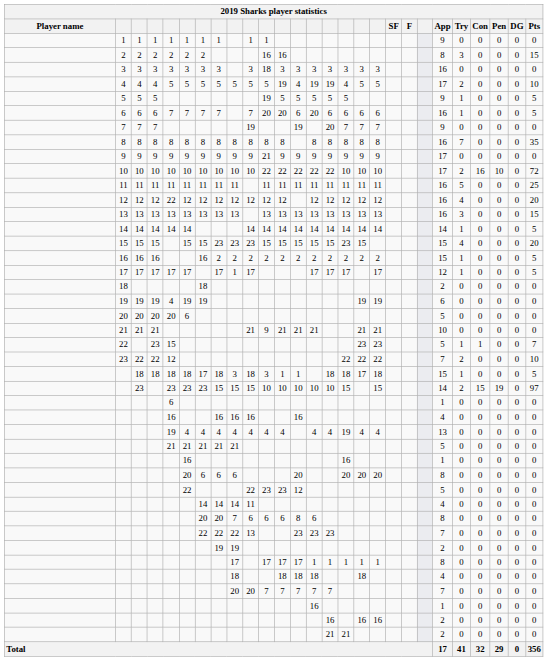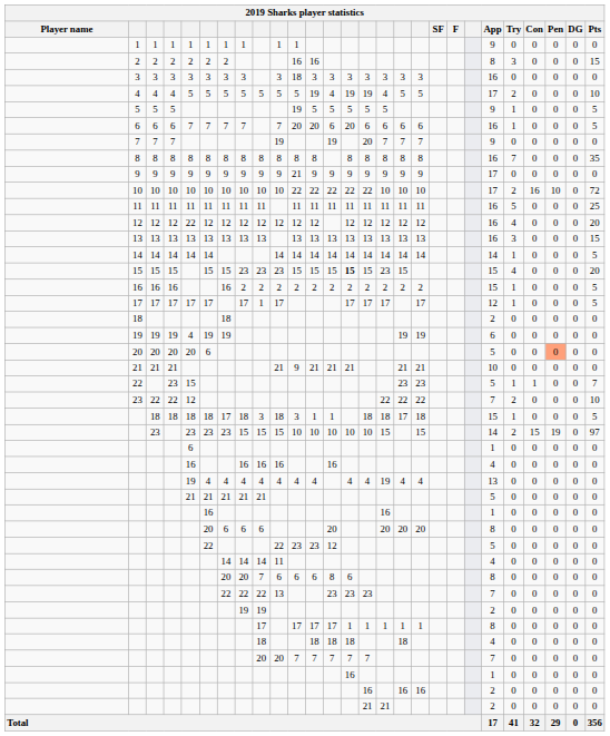 <table class="wikitable sortable" style="text-align:center; font-size:90%; width:100%">
 <tr>
 <th colspan="100%">2019 Sharks player statistics</th>
 </tr>
 <tr>
 <th style="width:22%;">Player name</th>
 <th style="width:3%;"></th>
 <th style="width:3%;"></th>
 <th style="width:3%;"></th>
 <th style="width:3%;"></th>
 <th style="width:3%;"></th>
 <th style="width:3%;"></th>
 <th style="width:3%;"></th>
 <th style="width:3%;"></th>
 <th style="width:3%;"></th>
 <th style="width:3%;"></th>
 <th style="width:3%;"></th>
 <th style="width:3%;"></th>
 <th style="width:3%;"></th>
 <th style="width:3%;"></th>
 <th style="width:3%;"></th>
 <th style="width:3%;"></th>
 <th style="width:3%;"></th>
 <th style="width:3%;">SF</th>
 <th style="width:3%;">F</th>
 <th style="width:3%;"></th>
 <th style="width:3%;">App</th>
 <th style="width:3%;">Try</th>
 <th style="width:3%;">Con</th>
 <th style="width:3%;">Pen</th>
 <th style="width:3%;">DG</th>
 <th style="width:3%;">Pts</th>
 </tr>
 <tr>
 <td style="text-align:left;"></td>
 <td>1</td>
 <td>1</td>
 <td>1</td>
 <td>1</td>
 <td>1</td>
 <td>1</td>
 <td>1</td>
 <td></td>
 <td>1</td>
 <td>1</td>
 <td></td>
 <td></td>
 <td></td>
 <td></td>
 <td></td>
 <td></td>
 <td></td>
 <td></td>
 <td></td>
 <td style="background:#EBECF0;"></td>
 <td>9</td>
 <td>0</td>
 <td>0</td>
 <td>0</td>
 <td>0</td>
 <td>0</td>
 </tr>
 <tr>
 <td style="text-align:left;"></td>
 <td>2</td>
 <td>2</td>
 <td>2</td>
 <td>2</td>
 <td>2</td>
 <td>2</td>
 <td></td>
 <td></td>
 <td></td>
 <td>16 </td>
 <td>16 </td>
 <td></td>
 <td></td>
 <td></td>
 <td></td>
 <td></td>
 <td></td>
 <td></td>
 <td></td>
 <td style="background:#EBECF0;"></td>
 <td>8</td>
 <td>3</td>
 <td>0</td>
 <td>0</td>
 <td>0</td>
 <td>15</td>
 </tr>
 <tr>
 <td style="text-align:left;"></td>
 <td>3</td>
 <td>3</td>
 <td>3</td>
 <td>3</td>
 <td>3</td>
 <td>3</td>
 <td>3</td>
 <td></td>
 <td>3</td>
 <td>18 </td>
 <td>3</td>
 <td>3</td>
 <td>3</td>
 <td>3</td>
 <td>3</td>
 <td>3</td>
 <td>3</td>
 <td></td>
 <td></td>
 <td style="background:#EBECF0;"></td>
 <td>16</td>
 <td>0</td>
 <td>0</td>
 <td>0</td>
 <td>0</td>
 <td>0</td>
 </tr>
 <tr>
 <td style="text-align:left;"></td>
 <td>4</td>
 <td>4</td>
 <td>4</td>
 <td>5</td>
 <td>5</td>
 <td>5</td>
 <td>5</td>
 <td>5</td>
 <td>5</td>
 <td>5</td>
 <td>19 </td>
 <td>4</td>
 <td>19 </td>
 <td>19 </td>
 <td>4</td>
 <td>5</td>
 <td>5</td>
 <td></td>
 <td></td>
 <td style="background:#EBECF0;"></td>
 <td>17</td>
 <td>2</td>
 <td>0</td>
 <td>0</td>
 <td>0</td>
 <td>10</td>
 </tr>
 <tr>
 <td style="text-align:left;"></td>
 <td>5</td>
 <td>5</td>
 <td>5</td>
 <td></td>
 <td></td>
 <td></td>
 <td></td>
 <td></td>
 <td></td>
 <td>19 </td>
 <td>5</td>
 <td>5</td>
 <td>5</td>
 <td>5</td>
 <td>5</td>
 <td></td>
 <td></td>
 <td></td>
 <td></td>
 <td style="background:#EBECF0;"></td>
 <td>9</td>
 <td>1</td>
 <td>0</td>
 <td>0</td>
 <td>0</td>
 <td>5</td>
 </tr>
 <tr>
 <td style="text-align:left;"></td>
 <td>6</td>
 <td>6</td>
 <td>6</td>
 <td>7</td>
 <td>7</td>
 <td>7</td>
 <td>7</td>
 <td></td>
 <td>7</td>
 <td>20 </td>
 <td>20 </td>
 <td>6</td>
 <td>20 </td>
 <td>6</td>
 <td>6</td>
 <td>6</td>
 <td>6</td>
 <td></td>
 <td></td>
 <td style="background:#EBECF0;"></td>
 <td>16</td>
 <td>1</td>
 <td>0</td>
 <td>0</td>
 <td>0</td>
 <td>5</td>
 </tr>
 <tr>
 <td style="text-align:left;"></td>
 <td>7</td>
 <td>7</td>
 <td>7</td>
 <td></td>
 <td></td>
 <td></td>
 <td></td>
 <td></td>
 <td>19 </td>
 <td></td>
 <td></td>
 <td>19 </td>
 <td></td>
 <td>20 </td>
 <td>7</td>
 <td>7</td>
 <td>7</td>
 <td></td>
 <td></td>
 <td style="background:#EBECF0;"></td>
 <td>9</td>
 <td>0</td>
 <td>0</td>
 <td>0</td>
 <td>0</td>
 <td>0</td>
 </tr>
 <tr>
 <td style="text-align:left;"></td>
 <td>8</td>
 <td>8</td>
 <td>8</td>
 <td>8</td>
 <td>8</td>
 <td>8</td>
 <td>8</td>
 <td>8</td>
 <td>8</td>
 <td>8</td>
 <td>8</td>
 <td></td>
 <td>8</td>
 <td>8</td>
 <td>8</td>
 <td>8</td>
 <td>8</td>
 <td></td>
 <td></td>
 <td style="background:#EBECF0;"></td>
 <td>16</td>
 <td>7</td>
 <td>0</td>
 <td>0</td>
 <td>0</td>
 <td>35</td>
 </tr>
 <tr>
 <td style="text-align:left;"></td>
 <td>9</td>
 <td>9</td>
 <td>9</td>
 <td>9</td>
 <td>9</td>
 <td>9</td>
 <td>9</td>
 <td>9</td>
 <td>9</td>
 <td>21 </td>
 <td>9</td>
 <td>9</td>
 <td>9</td>
 <td>9</td>
 <td>9</td>
 <td>9</td>
 <td>9</td>
 <td></td>
 <td></td>
 <td style="background:#EBECF0;"></td>
 <td>17</td>
 <td>0</td>
 <td>0</td>
 <td>0</td>
 <td>0</td>
 <td>0</td>
 </tr>
 <tr>
 <td style="text-align:left;"></td>
 <td>10</td>
 <td>10</td>
 <td>10</td>
 <td>10</td>
 <td>10</td>
 <td>10</td>
 <td>10</td>
 <td>10</td>
 <td>10</td>
 <td>22 </td>
 <td>22 </td>
 <td>22 </td>
 <td>22 </td>
 <td>22 </td>
 <td>10</td>
 <td>10</td>
 <td>10</td>
 <td></td>
 <td></td>
 <td style="background:#EBECF0;"></td>
 <td>17</td>
 <td>2</td>
 <td>16</td>
 <td>10</td>
 <td>0</td>
 <td>72</td>
 </tr>
 <tr>
 <td style="text-align:left;"></td>
 <td>11</td>
 <td>11</td>
 <td>11</td>
 <td>11</td>
 <td>11</td>
 <td>11</td>
 <td>11</td>
 <td>11</td>
 <td></td>
 <td>11</td>
 <td>11</td>
 <td>11</td>
 <td>11</td>
 <td>11</td>
 <td>11</td>
 <td>11</td>
 <td>11</td>
 <td></td>
 <td></td>
 <td style="background:#EBECF0;"></td>
 <td>16</td>
 <td>5</td>
 <td>0</td>
 <td>0</td>
 <td>0</td>
 <td>25</td>
 </tr>
 <tr>
 <td style="text-align:left;"></td>
 <td>12</td>
 <td>12</td>
 <td>12</td>
 <td>22 </td>
 <td>12</td>
 <td>12</td>
 <td>12</td>
 <td>12</td>
 <td>12</td>
 <td>12</td>
 <td>12</td>
 <td></td>
 <td>12</td>
 <td>12</td>
 <td>12</td>
 <td>12</td>
 <td>12</td>
 <td></td>
 <td></td>
 <td style="background:#EBECF0;"></td>
 <td>16</td>
 <td>4</td>
 <td>0</td>
 <td>0</td>
 <td>0</td>
 <td>20</td>
 </tr>
 <tr>
 <td style="text-align:left;"></td>
 <td>13</td>
 <td>13</td>
 <td>13</td>
 <td>13</td>
 <td>13</td>
 <td>13</td>
 <td>13</td>
 <td>13</td>
 <td></td>
 <td>13</td>
 <td>13</td>
 <td>13</td>
 <td>13</td>
 <td>13</td>
 <td>13</td>
 <td>13</td>
 <td>13</td>
 <td></td>
 <td></td>
 <td style="background:#EBECF0;"></td>
 <td>16</td>
 <td>3</td>
 <td>0</td>
 <td>0</td>
 <td>0</td>
 <td>15</td>
 </tr>
 <tr>
 <td style="text-align:left;"></td>
 <td>14</td>
 <td>14</td>
 <td>14</td>
 <td>14</td>
 <td>14</td>
 <td></td>
 <td></td>
 <td></td>
 <td>14</td>
 <td>14</td>
 <td>14</td>
 <td>14</td>
 <td>14</td>
 <td>14</td>
 <td>14</td>
 <td>14</td>
 <td>14</td>
 <td></td>
 <td></td>
 <td style="background:#EBECF0;"></td>
 <td>14</td>
 <td>1</td>
 <td>0</td>
 <td>0</td>
 <td>0</td>
 <td>5</td>
 </tr>
 <tr>
 <td style="text-align:left;"></td>
 <td>15</td>
 <td>15</td>
 <td>15</td>
 <td></td>
 <td>15</td>
 <td>15</td>
 <td>23 </td>
 <td>23 </td>
 <td>23 </td>
 <td>15</td>
 <td>15</td>
 <td>15</td>
-<td>15</td>
+<td><strong>15</strong></td>
 <td>15</td>
 <td>23 </td>
 <td>15</td>
 <td></td>
 <td></td>
 <td></td>
 <td style="background:#EBECF0;"></td>
 <td>15</td>
 <td>4</td>
 <td>0</td>
 <td>0</td>
 <td>0</td>
 <td>20</td>
 </tr>
 <tr>
 <td style="text-align:left;"></td>
 <td>16 </td>
 <td>16 </td>
 <td>16 </td>
 <td></td>
 <td></td>
 <td>16 </td>
 <td>2</td>
 <td>2</td>
 <td>2</td>
 <td>2</td>
 <td>2</td>
 <td>2</td>
 <td>2</td>
 <td>2</td>
 <td>2</td>
 <td>2</td>
 <td>2</td>
 <td></td>
 <td></td>
 <td style="background:#EBECF0;"></td>
 <td>15</td>
 <td>1</td>
 <td>0</td>
 <td>0</td>
 <td>0</td>
 <td>5</td>
 </tr>
 <tr>
 <td style="text-align:left;"></td>
 <td>17 </td>
 <td>17 </td>
 <td>17 </td>
 <td>17 </td>
 <td>17 </td>
 <td></td>
 <td>17 </td>
 <td>1</td>
 <td>17 </td>
 <td></td>
 <td></td>
 <td></td>
 <td>17 </td>
 <td>17 </td>
 <td>17 </td>
 <td></td>
 <td>17 </td>
 <td></td>
 <td></td>
 <td style="background:#EBECF0;"></td>
 <td>12</td>
 <td>1</td>
 <td>0</td>
 <td>0</td>
 <td>0</td>
 <td>5</td>
 </tr>
 <tr>
 <td style="text-align:left;"></td>
 <td>18 </td>
 <td></td>
 <td></td>
 <td></td>
 <td></td>
 <td>18 </td>
 <td></td>
 <td></td>
 <td></td>
 <td></td>
 <td></td>
 <td></td>
 <td></td>
 <td></td>
 <td></td>
 <td></td>
 <td></td>
 <td></td>
 <td></td>
 <td style="background:#EBECF0;"></td>
 <td>2</td>
 <td>0</td>
 <td>0</td>
 <td>0</td>
 <td>0</td>
 <td>0</td>
 </tr>
 <tr>
 <td style="text-align:left;"></td>
 <td>19 </td>
 <td>19 </td>
 <td>19 </td>
 <td>4</td>
 <td>19 </td>
 <td>19</td>
 <td></td>
 <td></td>
 <td></td>
 <td></td>
 <td></td>
 <td></td>
 <td></td>
 <td></td>
 <td></td>
 <td>19</td>
 <td>19 </td>
 <td></td>
 <td></td>
 <td style="background:#EBECF0;"></td>
 <td>6</td>
 <td>0</td>
 <td>0</td>
 <td>0</td>
 <td>0</td>
 <td>0</td>
 </tr>
 <tr>
 <td style="text-align:left;"></td>
 <td>20 </td>
 <td>20 </td>
 <td>20 </td>
 <td>20 </td>
 <td>6</td>
 <td></td>
 <td></td>
 <td></td>
 <td></td>
 <td></td>
 <td></td>
 <td></td>
 <td></td>
 <td></td>
 <td></td>
 <td></td>
 <td></td>
 <td></td>
 <td></td>
 <td style="background:#EBECF0;"></td>
 <td>5</td>
 <td>0</td>
 <td>0</td>
-<td>0</td>
+<td style="background: lightsalmon;">0</td>
 <td>0</td>
 <td>0</td>
 </tr>
 <tr>
 <td style="text-align:left;"></td>
 <td>21 </td>
 <td>21 </td>
 <td>21 </td>
 <td></td>
 <td></td>
 <td></td>
 <td></td>
 <td></td>
 <td>21 </td>
 <td>9</td>
 <td>21 </td>
 <td>21 </td>
 <td>21 </td>
 <td></td>
 <td></td>
 <td>21 </td>
 <td>21 </td>
 <td></td>
 <td></td>
 <td style="background:#EBECF0;"></td>
 <td>10</td>
 <td>0</td>
 <td>0</td>
 <td>0</td>
 <td>0</td>
 <td>0</td>
 </tr>
 <tr>
 <td style="text-align:left;"></td>
 <td>22 </td>
 <td></td>
 <td>23 </td>
 <td>15</td>
 <td></td>
 <td></td>
 <td></td>
 <td></td>
 <td></td>
 <td></td>
 <td></td>
 <td></td>
 <td></td>
 <td></td>
 <td></td>
 <td>23 </td>
 <td>23 </td>
 <td></td>
 <td></td>
 <td style="background:#EBECF0;"></td>
 <td>5</td>
 <td>1</td>
 <td>1</td>
 <td>0</td>
 <td>0</td>
 <td>7</td>
 </tr>
 <tr>
 <td style="text-align:left;"></td>
 <td>23 </td>
 <td>22 </td>
 <td>22 </td>
 <td>12</td>
 <td></td>
 <td></td>
 <td></td>
 <td></td>
 <td></td>
 <td></td>
 <td></td>
 <td></td>
 <td></td>
 <td></td>
 <td>22 </td>
 <td>22 </td>
 <td>22 </td>
 <td></td>
 <td></td>
 <td style="background:#EBECF0;"></td>
 <td>7</td>
 <td>2</td>
 <td>0</td>
 <td>0</td>
 <td>0</td>
 <td>10</td>
 </tr>
 <tr>
 <td style="text-align:left;"></td>
 <td></td>
 <td>18 </td>
 <td>18 </td>
 <td>18 </td>
 <td>18 </td>
 <td>17 </td>
 <td>18 </td>
 <td>3</td>
 <td>18 </td>
 <td>3</td>
 <td>1</td>
 <td>1</td>
 <td></td>
 <td>18 </td>
 <td>18 </td>
 <td>17 </td>
 <td>18 </td>
 <td></td>
 <td></td>
 <td style="background:#EBECF0;"></td>
 <td>15</td>
 <td>1</td>
 <td>0</td>
 <td>0</td>
 <td>0</td>
 <td>5</td>
 </tr>
 <tr>
 <td style="text-align:left;"></td>
 <td></td>
 <td>23 </td>
 <td></td>
 <td>23 </td>
 <td>23 </td>
 <td>23 </td>
 <td>15</td>
 <td>15</td>
 <td>15</td>
 <td>10</td>
 <td>10</td>
 <td>10</td>
 <td>10</td>
 <td>10</td>
 <td>15</td>
 <td></td>
 <td>15</td>
 <td></td>
 <td></td>
 <td style="background:#EBECF0;"></td>
 <td>14</td>
 <td>2</td>
 <td>15</td>
 <td>19</td>
 <td>0</td>
 <td>97</td>
 </tr>
 <tr>
 <td style="text-align:left;"></td>
 <td></td>
 <td></td>
 <td></td>
 <td>6</td>
 <td></td>
 <td></td>
 <td></td>
 <td></td>
 <td></td>
 <td></td>
 <td></td>
 <td></td>
 <td></td>
 <td></td>
 <td></td>
 <td></td>
 <td></td>
 <td></td>
 <td></td>
 <td style="background:#EBECF0;"></td>
 <td>1</td>
 <td>0</td>
 <td>0</td>
 <td>0</td>
 <td>0</td>
 <td>0</td>
 </tr>
 <tr>
 <td style="text-align:left;"></td>
 <td></td>
 <td></td>
 <td></td>
 <td>16 </td>
 <td></td>
 <td></td>
 <td>16 </td>
 <td>16 </td>
 <td>16 </td>
 <td></td>
 <td></td>
 <td>16</td>
 <td></td>
 <td></td>
 <td></td>
 <td></td>
 <td></td>
 <td></td>
 <td></td>
 <td style="background:#EBECF0;"></td>
 <td>4</td>
 <td>0</td>
 <td>0</td>
 <td>0</td>
 <td>0</td>
 <td>0</td>
 </tr>
 <tr>
 <td style="text-align:left;"></td>
 <td></td>
 <td></td>
 <td></td>
 <td>19 </td>
 <td>4</td>
 <td>4</td>
 <td>4</td>
 <td>4</td>
 <td>4</td>
 <td>4</td>
 <td>4</td>
 <td></td>
 <td>4</td>
 <td>4</td>
 <td>19 </td>
 <td>4</td>
 <td>4</td>
 <td></td>
 <td></td>
 <td style="background:#EBECF0;"></td>
 <td>13</td>
 <td>0</td>
 <td>0</td>
 <td>0</td>
 <td>0</td>
 <td>0</td>
 </tr>
 <tr>
 <td style="text-align:left;"></td>
 <td></td>
 <td></td>
 <td></td>
 <td>21 </td>
 <td>21 </td>
 <td>21 </td>
 <td>21 </td>
 <td>21 </td>
 <td></td>
 <td></td>
 <td></td>
 <td></td>
 <td></td>
 <td></td>
 <td></td>
 <td></td>
 <td></td>
 <td></td>
 <td></td>
 <td style="background:#EBECF0;"></td>
 <td>5</td>
 <td>0</td>
 <td>0</td>
 <td>0</td>
 <td>0</td>
 <td>0</td>
 </tr>
 <tr>
 <td style="text-align:left;"></td>
 <td></td>
 <td></td>
 <td></td>
 <td></td>
 <td>16</td>
 <td></td>
 <td></td>
 <td></td>
 <td></td>
 <td></td>
 <td></td>
 <td></td>
 <td></td>
 <td></td>
 <td>16 </td>
 <td></td>
 <td></td>
 <td></td>
 <td></td>
 <td style="background:#EBECF0;"></td>
 <td>1</td>
 <td>0</td>
 <td>0</td>
 <td>0</td>
 <td>0</td>
 <td>0</td>
 </tr>
 <tr>
 <td style="text-align:left;"></td>
 <td></td>
 <td></td>
 <td></td>
 <td></td>
 <td>20 </td>
 <td>6</td>
 <td>6</td>
 <td>6</td>
 <td></td>
 <td></td>
 <td></td>
 <td>20 </td>
 <td></td>
 <td></td>
 <td>20 </td>
 <td>20 </td>
 <td>20 </td>
 <td></td>
 <td></td>
 <td style="background:#EBECF0;"></td>
 <td>8</td>
 <td>0</td>
 <td>0</td>
 <td>0</td>
 <td>0</td>
 <td>0</td>
 </tr>
 <tr>
 <td style="text-align:left;"></td>
 <td></td>
 <td></td>
 <td></td>
 <td></td>
 <td>22 </td>
 <td></td>
 <td></td>
 <td></td>
 <td>22 </td>
 <td>23 </td>
 <td>23 </td>
 <td>12</td>
 <td></td>
 <td></td>
 <td></td>
 <td></td>
 <td></td>
 <td></td>
 <td></td>
 <td style="background:#EBECF0;"></td>
 <td>5</td>
 <td>0</td>
 <td>0</td>
 <td>0</td>
 <td>0</td>
 <td>0</td>
 </tr>
 <tr>
 <td style="text-align:left;"></td>
 <td></td>
 <td></td>
 <td></td>
 <td></td>
 <td></td>
 <td>14</td>
 <td>14</td>
 <td>14</td>
 <td>11</td>
 <td></td>
 <td></td>
 <td></td>
 <td></td>
 <td></td>
 <td></td>
 <td></td>
 <td></td>
 <td></td>
 <td></td>
 <td style="background:#EBECF0;"></td>
 <td>4</td>
 <td>0</td>
 <td>0</td>
 <td>0</td>
 <td>0</td>
 <td>0</td>
 </tr>
 <tr>
 <td style="text-align:left;"></td>
 <td></td>
 <td></td>
 <td></td>
 <td></td>
 <td></td>
 <td>20 </td>
 <td>20 </td>
 <td>7</td>
 <td>6</td>
 <td>6</td>
 <td>6</td>
 <td>8</td>
 <td>6</td>
 <td></td>
 <td></td>
 <td></td>
 <td></td>
 <td></td>
 <td></td>
 <td style="background:#EBECF0;"></td>
 <td>8</td>
 <td>0</td>
 <td>0</td>
 <td>0</td>
 <td>0</td>
 <td>0</td>
 </tr>
 <tr>
 <td style="text-align:left;"></td>
 <td></td>
 <td></td>
 <td></td>
 <td></td>
 <td></td>
 <td>22 </td>
 <td>22 </td>
 <td>22 </td>
 <td>13</td>
 <td></td>
 <td></td>
 <td>23 </td>
 <td>23 </td>
 <td>23 </td>
 <td></td>
 <td></td>
 <td></td>
 <td></td>
 <td></td>
 <td style="background:#EBECF0;"></td>
 <td>7</td>
 <td>0</td>
 <td>0</td>
 <td>0</td>
 <td>0</td>
 <td>0</td>
 </tr>
 <tr>
 <td style="text-align:left;"></td>
 <td></td>
 <td></td>
 <td></td>
 <td></td>
 <td></td>
 <td></td>
 <td>19 </td>
 <td>19 </td>
 <td></td>
 <td></td>
 <td></td>
 <td></td>
 <td></td>
 <td></td>
 <td></td>
 <td></td>
 <td></td>
 <td></td>
 <td></td>
 <td style="background:#EBECF0;"></td>
 <td>2</td>
 <td>0</td>
 <td>0</td>
 <td>0</td>
 <td>0</td>
 <td>0</td>
 </tr>
 <tr>
 <td style="text-align:left;"></td>
 <td></td>
 <td></td>
 <td></td>
 <td></td>
 <td></td>
 <td></td>
 <td></td>
 <td>17 </td>
 <td></td>
 <td>17 </td>
 <td>17</td>
 <td>17 </td>
 <td>1</td>
 <td>1</td>
 <td>1</td>
 <td>1</td>
 <td>1</td>
 <td></td>
 <td></td>
 <td style="background:#EBECF0;"></td>
 <td>8</td>
 <td>0</td>
 <td>0</td>
 <td>0</td>
 <td>0</td>
 <td>0</td>
 </tr>
 <tr>
 <td style="text-align:left;"></td>
 <td></td>
 <td></td>
 <td></td>
 <td></td>
 <td></td>
 <td></td>
 <td></td>
 <td>18 </td>
 <td></td>
 <td></td>
 <td>18 </td>
 <td>18 </td>
 <td>18 </td>
 <td></td>
 <td></td>
 <td>18</td>
 <td></td>
 <td></td>
 <td></td>
 <td style="background:#EBECF0;"></td>
 <td>4</td>
 <td>0</td>
 <td>0</td>
 <td>0</td>
 <td>0</td>
 <td>0</td>
 </tr>
 <tr>
 <td style="text-align:left;"></td>
 <td></td>
 <td></td>
 <td></td>
 <td></td>
 <td></td>
 <td></td>
 <td></td>
 <td>20 </td>
 <td>20 </td>
 <td>7</td>
 <td>7</td>
 <td>7</td>
 <td>7</td>
 <td>7</td>
 <td></td>
 <td></td>
 <td></td>
 <td></td>
 <td></td>
 <td style="background:#EBECF0;"></td>
 <td>7</td>
 <td>0</td>
 <td>0</td>
 <td>0</td>
 <td>0</td>
 <td>0</td>
 </tr>
 <tr>
 <td style="text-align:left;"></td>
 <td></td>
 <td></td>
 <td></td>
 <td></td>
 <td></td>
 <td></td>
 <td></td>
 <td></td>
 <td></td>
 <td></td>
 <td></td>
 <td></td>
 <td>16 </td>
 <td></td>
 <td></td>
 <td></td>
 <td></td>
 <td></td>
 <td></td>
 <td style="background:#EBECF0;"></td>
 <td>1</td>
 <td>0</td>
 <td>0</td>
 <td>0</td>
 <td>0</td>
 <td>0</td>
 </tr>
 <tr>
 <td style="text-align:left;"></td>
 <td></td>
 <td></td>
 <td></td>
 <td></td>
 <td></td>
 <td></td>
 <td></td>
 <td></td>
 <td></td>
 <td></td>
 <td></td>
 <td></td>
 <td></td>
 <td>16 </td>
 <td></td>
 <td>16</td>
 <td>16 </td>
 <td></td>
 <td></td>
 <td style="background:#EBECF0;"></td>
 <td>2</td>
 <td>0</td>
 <td>0</td>
 <td>0</td>
 <td>0</td>
 <td>0</td>
 </tr>
 <tr>
 <td style="text-align:left;"></td>
 <td></td>
 <td></td>
 <td></td>
 <td></td>
 <td></td>
 <td></td>
 <td></td>
 <td></td>
 <td></td>
 <td></td>
 <td></td>
 <td></td>
 <td></td>
 <td>21 </td>
 <td>21 </td>
 <td></td>
 <td></td>
 <td></td>
 <td></td>
 <td style="background:#EBECF0;"></td>
 <td>2</td>
 <td>0</td>
 <td>0</td>
 <td>0</td>
 <td>0</td>
 <td>0</td>
 </tr>
 <tr>
 <th colspan="21" style="text-align:left;">Total</th>
 <th>17</th>
 <th>41</th>
 <th>32</th>
 <th>29</th>
 <th>0</th>
 <th>356</th>
 </tr>
 </table>
